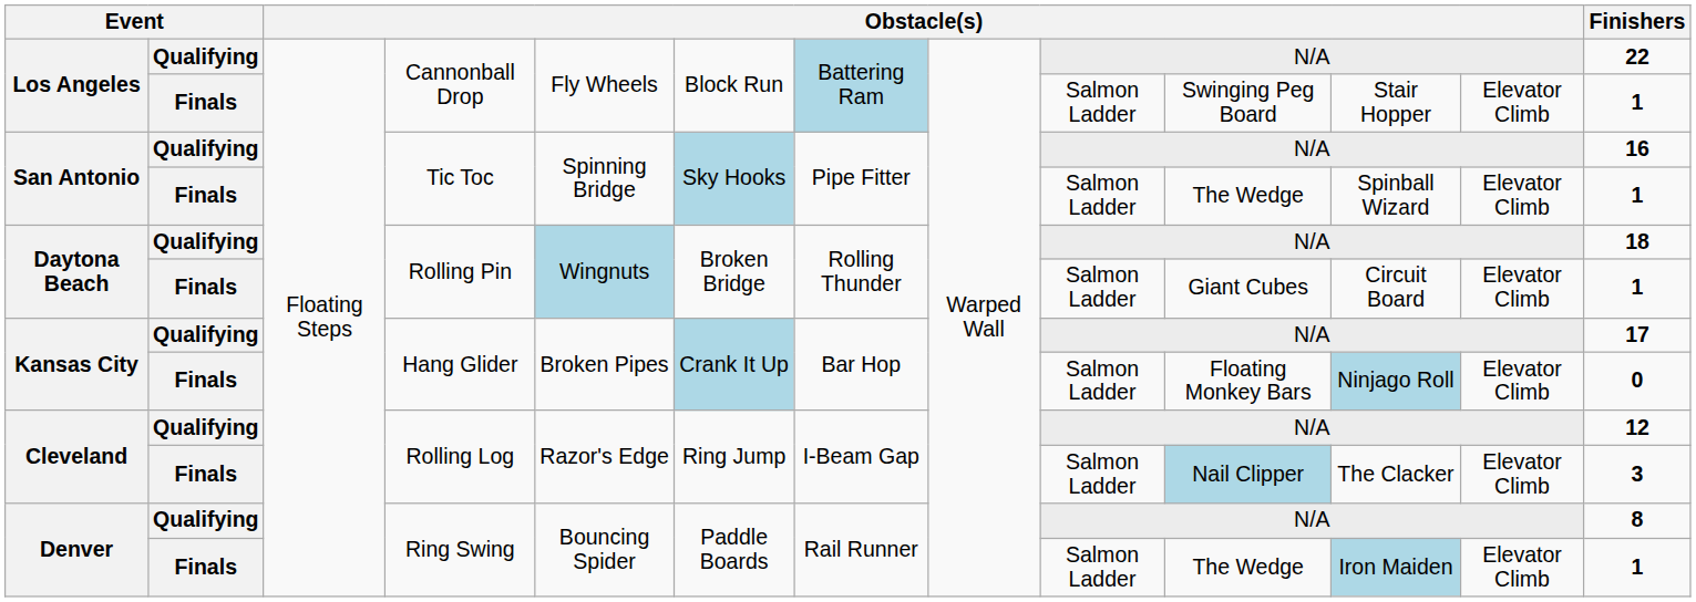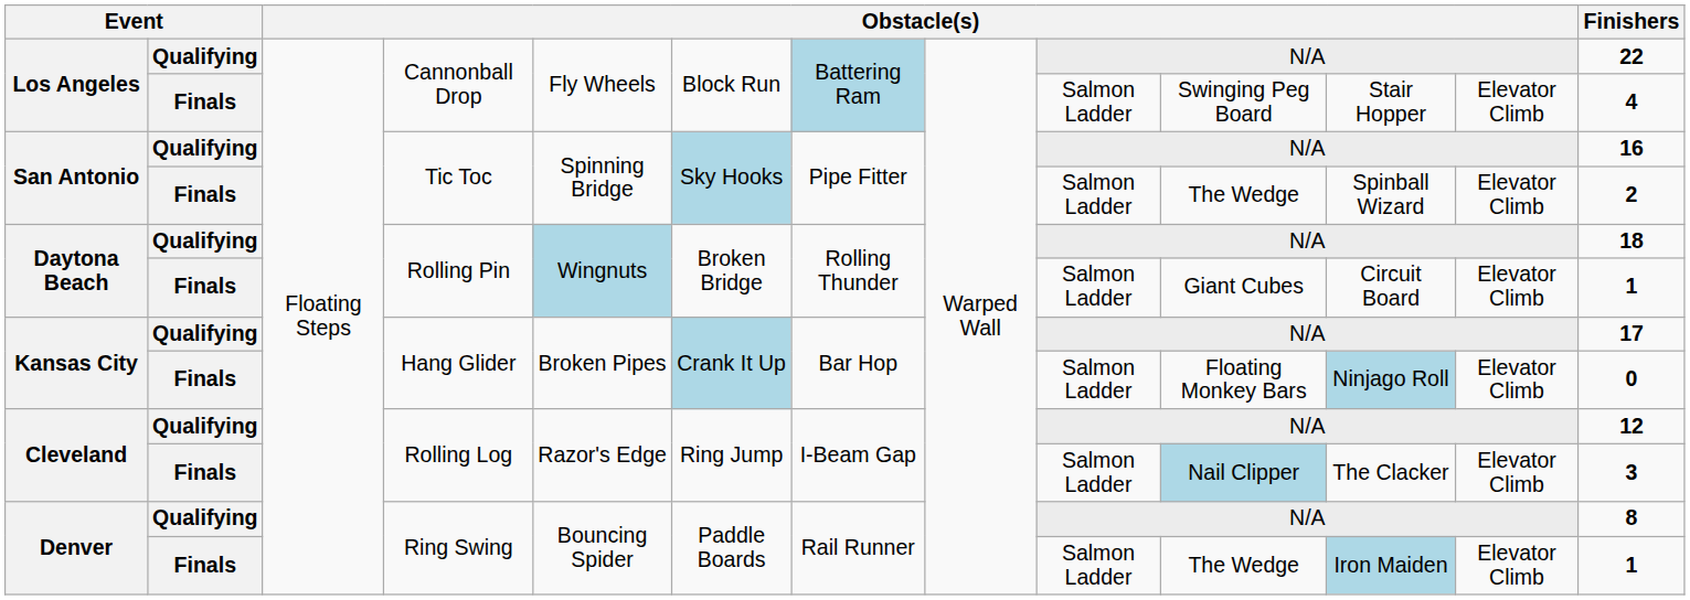 <table class="wikitable" style="text-align:center;">
 <tr>
 <th colspan="2">Event</th>
 <th colspan="10">Obstacle(s)</th>
 <th><strong>Finishers</strong></th>
 </tr>
 <tr>
 <th rowspan="2">Los Angeles</th>
 <th>Qualifying</th>
 <td rowspan="12">Floating Steps</td>
 <td rowspan="2">Cannonball Drop</td>
 <td rowspan="2">Fly Wheels</td>
 <td rowspan="2">Block Run</td>
 <td rowspan="2" bgcolor="lightblue">Battering Ram</td>
 <td rowspan="12">Warped Wall</td>
 <td colspan="4" style="background:#ECECEC;">N/A</td>
 <td><strong>22</strong></td>
 </tr>
 <tr>
 <th>Finals</th>
 <td>Salmon Ladder</td>
 <td>Swinging Peg Board</td>
 <td>Stair Hopper</td>
 <td>Elevator Climb</td>
-<td><strong>1</strong></td>
+<td><strong>4</strong></td>
 </tr>
 <tr>
 <th rowspan="2">San Antonio</th>
 <th>Qualifying</th>
 <td rowspan="2">Tic Toc</td>
 <td rowspan="2">Spinning Bridge</td>
 <td rowspan="2" bgcolor="lightblue">Sky Hooks</td>
 <td rowspan="2">Pipe Fitter</td>
 <td colspan="4" style="background:#ECECEC;">N/A</td>
 <td><strong>16</strong></td>
 </tr>
 <tr>
 <th>Finals</th>
 <td>Salmon Ladder</td>
 <td>The Wedge</td>
 <td>Spinball Wizard</td>
 <td>Elevator Climb</td>
-<td><strong>1</strong></td>
+<td><strong>2</strong></td>
 </tr>
 <tr>
 <th rowspan="2">Daytona Beach</th>
 <th>Qualifying</th>
 <td rowspan="2">Rolling Pin</td>
 <td rowspan="2" bgcolor="lightblue">Wingnuts</td>
 <td rowspan="2">Broken Bridge</td>
 <td rowspan="2">Rolling Thunder</td>
 <td colspan="4" style="background:#ECECEC;">N/A</td>
 <td><strong>18</strong></td>
 </tr>
 <tr>
 <th>Finals</th>
 <td>Salmon Ladder</td>
 <td>Giant Cubes</td>
 <td>Circuit Board</td>
 <td>Elevator Climb</td>
 <td><strong>1</strong></td>
 </tr>
 <tr>
 <th rowspan="2">Kansas City</th>
 <th>Qualifying</th>
 <td rowspan="2">Hang Glider</td>
 <td rowspan="2">Broken Pipes</td>
 <td rowspan="2" bgcolor="lightblue">Crank It Up</td>
 <td rowspan="2">Bar Hop</td>
 <td colspan="4" style="background:#ECECEC;">N/A</td>
 <td><strong>17</strong></td>
 </tr>
 <tr>
 <th>Finals</th>
 <td>Salmon Ladder</td>
 <td>Floating Monkey Bars</td>
 <td bgcolor="lightblue">Ninjago Roll</td>
 <td>Elevator Climb</td>
 <td><strong>0</strong></td>
 </tr>
 <tr>
 <th rowspan="2">Cleveland</th>
 <th>Qualifying</th>
 <td rowspan="2">Rolling Log</td>
 <td rowspan="2">Razor's Edge</td>
 <td rowspan="2">Ring Jump</td>
 <td rowspan="2">I-Beam Gap</td>
 <td colspan="4" style="background:#ECECEC;">N/A</td>
 <td><strong>12</strong></td>
 </tr>
 <tr>
 <th>Finals</th>
 <td>Salmon Ladder</td>
 <td bgcolor="lightblue">Nail Clipper</td>
 <td>The Clacker</td>
 <td>Elevator Climb</td>
 <td><strong>3</strong></td>
 </tr>
 <tr>
 <th rowspan="2">Denver</th>
 <th>Qualifying</th>
 <td rowspan="2">Ring Swing</td>
 <td rowspan="2">Bouncing Spider</td>
 <td rowspan="2">Paddle Boards</td>
 <td rowspan="2">Rail Runner</td>
 <td colspan="4" style="background:#ECECEC;">N/A</td>
 <td><strong>8</strong></td>
 </tr>
 <tr>
 <th>Finals</th>
 <td>Salmon Ladder</td>
 <td>The Wedge</td>
 <td bgcolor="lightblue">Iron Maiden</td>
 <td>Elevator Climb</td>
 <td><strong>1</strong></td>
 </tr>
 </table>
